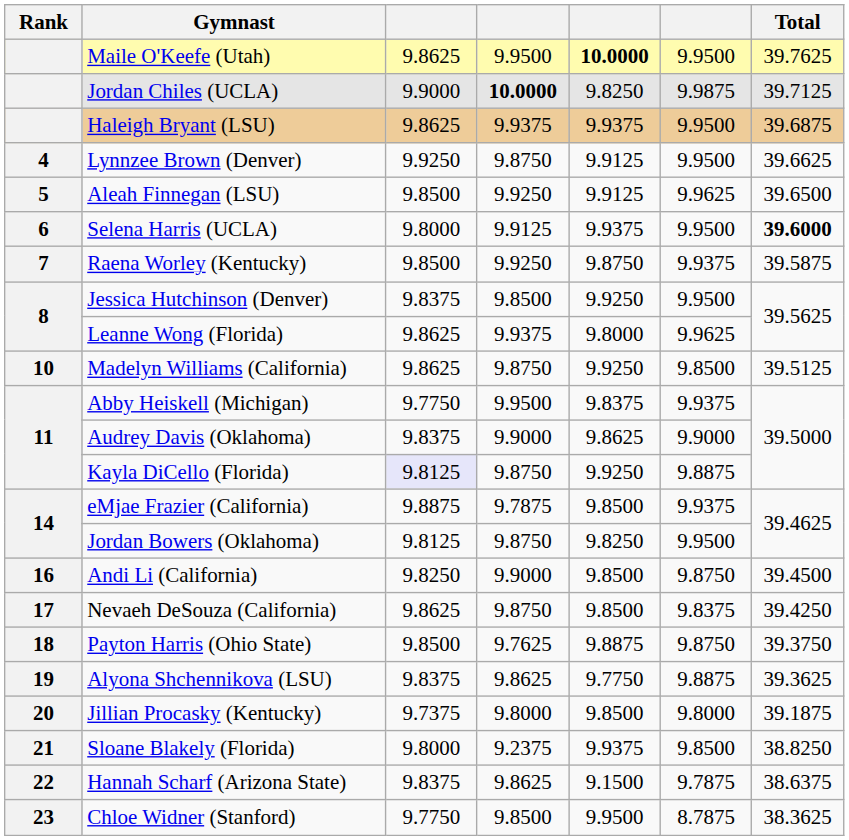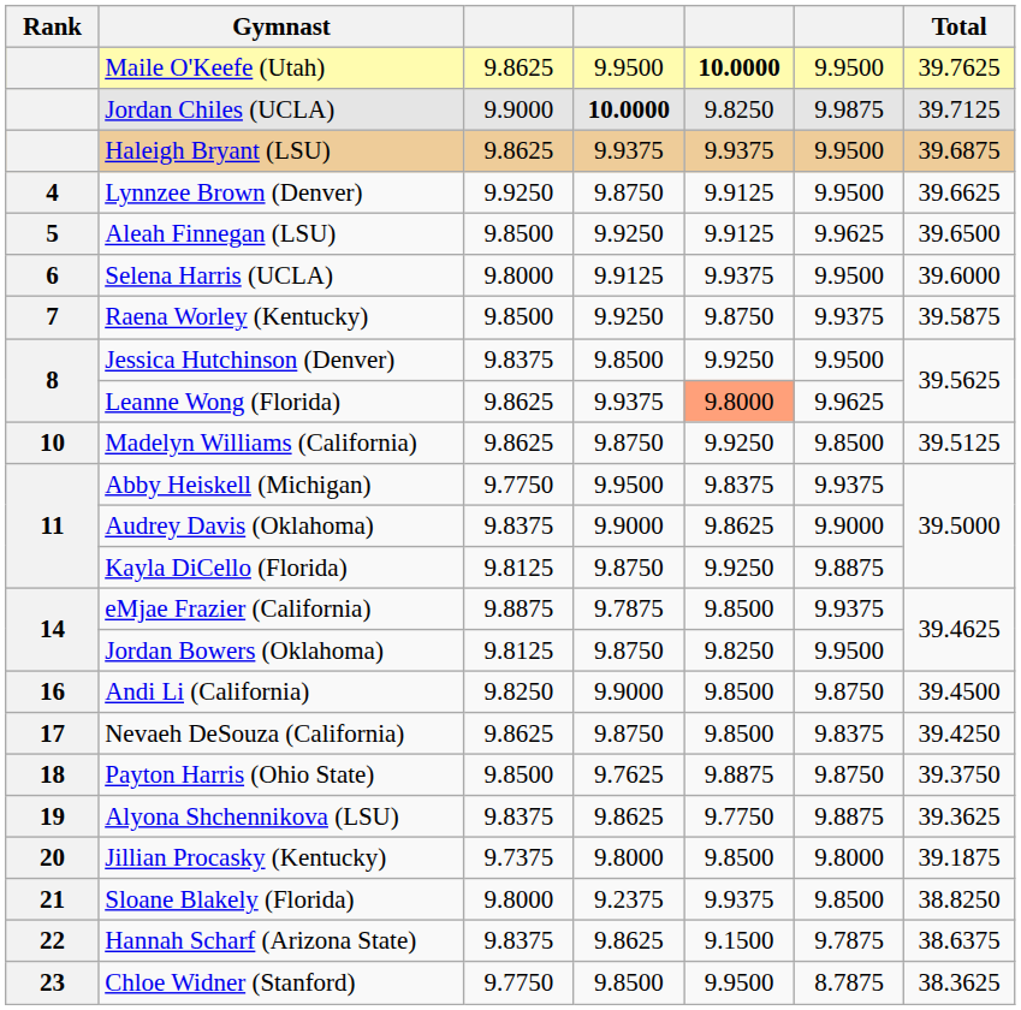 <table class="wikitable sortable" style="text-align:center; font-size:95%">
 <tr>
 <th scope="col" style="width:50px;">Rank</th>
 <th scope="col" style="width:220px;">Gymnast</th>
 <th scope="col" style="width:60px;"></th>
 <th scope="col" style="width:60px;"></th>
 <th scope="col" style="width:60px;"></th>
 <th scope="col" style="width:60px;"></th>
 <th scope="col" style="width:60px;">Total</th>
 </tr>
 <tr style="background:#fffcaf;">
 <th scope="row" style="text-align:center"></th>
 <td style="text-align:left;"><a href='#'>Maile O'Keefe</a> (Utah)</td>
 <td>9.8625</td>
 <td>9.9500</td>
 <td><strong>10.0000</strong></td>
 <td>9.9500</td>
 <td>39.7625</td>
 </tr>
 <tr style="background:#e5e5e5;">
 <th scope="row" style="text-align:center"></th>
 <td style="text-align:left;"><a href='#'>Jordan Chiles</a> (UCLA)</td>
 <td>9.9000</td>
 <td><strong>10.0000</strong></td>
 <td>9.8250</td>
 <td>9.9875</td>
 <td>39.7125</td>
 </tr>
 <tr style="background:#ec9;">
 <th scope="row" style="text-align:center"></th>
 <td style="text-align:left;"><a href='#'>Haleigh Bryant</a> (LSU)</td>
 <td>9.8625</td>
 <td>9.9375</td>
 <td>9.9375</td>
 <td>9.9500</td>
 <td>39.6875</td>
 </tr>
 <tr>
 <th>4</th>
 <td style="text-align:left;"><a href='#'>Lynnzee Brown</a> (Denver)</td>
 <td>9.9250</td>
 <td>9.8750</td>
 <td>9.9125</td>
 <td>9.9500</td>
 <td>39.6625</td>
 </tr>
 <tr>
 <th>5</th>
 <td style="text-align:left;"><a href='#'>Aleah Finnegan</a> (LSU)</td>
 <td>9.8500</td>
 <td>9.9250</td>
 <td>9.9125</td>
 <td>9.9625</td>
 <td>39.6500</td>
 </tr>
 <tr>
 <th>6</th>
 <td style="text-align:left;"><a href='#'>Selena Harris</a> (UCLA)</td>
 <td>9.8000</td>
 <td>9.9125</td>
 <td>9.9375</td>
 <td>9.9500</td>
-<td><strong>39.6000</strong></td>
+<td>39.6000</td>
 </tr>
 <tr>
 <th>7</th>
 <td style="text-align:left;"><a href='#'>Raena Worley</a> (Kentucky)</td>
 <td>9.8500</td>
 <td>9.9250</td>
 <td>9.8750</td>
 <td>9.9375</td>
 <td>39.5875</td>
 </tr>
 <tr>
 <th rowspan="2">8</th>
 <td style="text-align:left;"><a href='#'>Jessica Hutchinson</a> (Denver)</td>
 <td>9.8375</td>
 <td>9.8500</td>
 <td>9.9250</td>
 <td>9.9500</td>
 <td rowspan="2">39.5625</td>
 </tr>
 <tr>
 <td style="text-align:left;"><a href='#'>Leanne Wong</a> (Florida)</td>
 <td>9.8625</td>
 <td>9.9375</td>
-<td>9.8000</td>
+<td style="background: lightsalmon;">9.8000</td>
 <td>9.9625</td>
 </tr>
 <tr>
 <th>10</th>
 <td style="text-align:left;"><a href='#'>Madelyn Williams</a> (California)</td>
 <td>9.8625</td>
 <td>9.8750</td>
 <td>9.9250</td>
 <td>9.8500</td>
 <td>39.5125</td>
 </tr>
 <tr>
 <th rowspan="3">11</th>
 <td style="text-align:left;"><a href='#'>Abby Heiskell</a> (Michigan)</td>
 <td>9.7750</td>
 <td>9.9500</td>
 <td>9.8375</td>
 <td>9.9375</td>
 <td rowspan="3">39.5000</td>
 </tr>
 <tr>
 <td style="text-align:left;"><a href='#'>Audrey Davis</a> (Oklahoma)</td>
 <td>9.8375</td>
 <td>9.9000</td>
 <td>9.8625</td>
 <td>9.9000</td>
 </tr>
 <tr>
 <td style="text-align:left;"><a href='#'>Kayla DiCello</a> (Florida)</td>
-<td style="background: lavender;">9.8125</td>
+<td>9.8125</td>
 <td>9.8750</td>
 <td>9.9250</td>
 <td>9.8875</td>
 </tr>
 <tr>
 <th rowspan="2">14</th>
 <td style="text-align:left;"><a href='#'>eMjae Frazier</a> (California)</td>
 <td>9.8875</td>
 <td>9.7875</td>
 <td>9.8500</td>
 <td>9.9375</td>
 <td rowspan="2">39.4625</td>
 </tr>
 <tr>
 <td style="text-align:left;"><a href='#'>Jordan Bowers</a> (Oklahoma)</td>
 <td>9.8125</td>
 <td>9.8750</td>
 <td>9.8250</td>
 <td>9.9500</td>
 </tr>
 <tr>
 <th>16</th>
 <td style="text-align:left;"><a href='#'>Andi Li</a> (California)</td>
 <td>9.8250</td>
 <td>9.9000</td>
 <td>9.8500</td>
 <td>9.8750</td>
 <td>39.4500</td>
 </tr>
 <tr>
 <th>17</th>
 <td style="text-align:left;">Nevaeh DeSouza (California)</td>
 <td>9.8625</td>
 <td>9.8750</td>
 <td>9.8500</td>
 <td>9.8375</td>
 <td>39.4250</td>
 </tr>
 <tr>
 <th>18</th>
 <td style="text-align:left;"><a href='#'>Payton Harris</a> (Ohio State)</td>
 <td>9.8500</td>
 <td>9.7625</td>
 <td>9.8875</td>
 <td>9.8750</td>
 <td>39.3750</td>
 </tr>
 <tr>
 <th>19</th>
 <td style="text-align:left;"><a href='#'>Alyona Shchennikova</a> (LSU)</td>
 <td>9.8375</td>
 <td>9.8625</td>
 <td>9.7750</td>
 <td>9.8875</td>
 <td>39.3625</td>
 </tr>
 <tr>
 <th>20</th>
 <td style="text-align:left;"><a href='#'>Jillian Procasky</a> (Kentucky)</td>
 <td>9.7375</td>
 <td>9.8000</td>
 <td>9.8500</td>
 <td>9.8000</td>
 <td>39.1875</td>
 </tr>
 <tr>
 <th>21</th>
 <td style="text-align:left;"><a href='#'>Sloane Blakely</a> (Florida)</td>
 <td>9.8000</td>
 <td>9.2375</td>
 <td>9.9375</td>
 <td>9.8500</td>
 <td>38.8250</td>
 </tr>
 <tr>
 <th>22</th>
 <td style="text-align:left;"><a href='#'>Hannah Scharf</a> (Arizona State)</td>
 <td>9.8375</td>
 <td>9.8625</td>
 <td>9.1500</td>
 <td>9.7875</td>
 <td>38.6375</td>
 </tr>
 <tr>
 <th>23</th>
 <td style="text-align:left;"><a href='#'>Chloe Widner</a> (Stanford)</td>
 <td>9.7750</td>
 <td>9.8500</td>
 <td>9.9500</td>
 <td>8.7875</td>
 <td>38.3625</td>
 </tr>
 </table>
